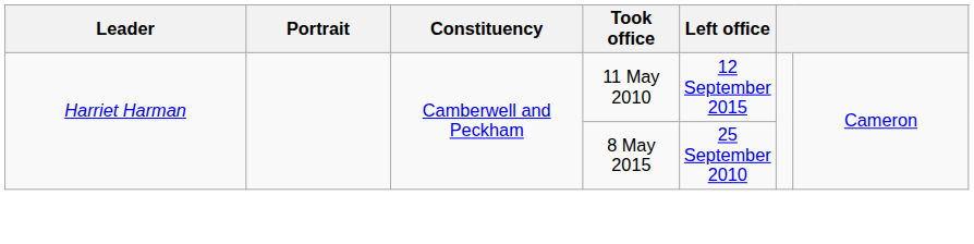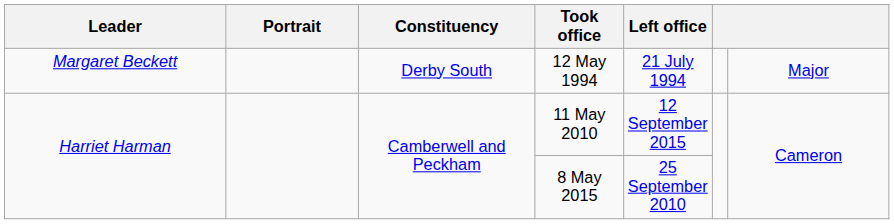 <table class="wikitable" style="text-align:center">
 <tr>
 <th style="width:25%;">Leader<br></th>
 <th width=60>Portrait</th>
 <th style="width:20%;">Constituency</th>
 <th style="width:10%;">Took office</th>
 <th style="width:10%;">Left office</th>
 <th colspan="2" style="width:20%;"></th>
+</tr>
+<tr>
+<td><em><a href='#'>Margaret Beckett</a></em><br><br></td>
+<td></td>
+<td><a href='#'>Derby South</a></td>
+<td>12 May 1994</td>
+<td><a href='#'>21 July 1994</a></td>
+<td style="background-color: "></td>
+<td><a href='#'>Major</a></td>
 </tr>
 <tr>
 <td rowspan=2><em><a href='#'>Harriet Harman</a></em><br><br></td>
 <td rowspan=2></td>
 <td rowspan=2><a href='#'>Camberwell and Peckham</a></td>
 <td>11 May 2010</td>
 <td><a href='#'>12 September 2015</a></td>
 <td rowspan=2 style="background-color: "></td>
 <td rowspan=2><a href='#'>Cameron</a></td>
 </tr>
 <tr>
 <td>8 May 2015</td>
 <td><a href='#'>25 September 2010</a></td>
 </tr>
 </table>
